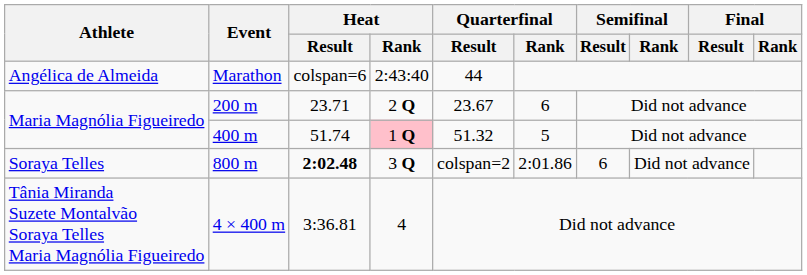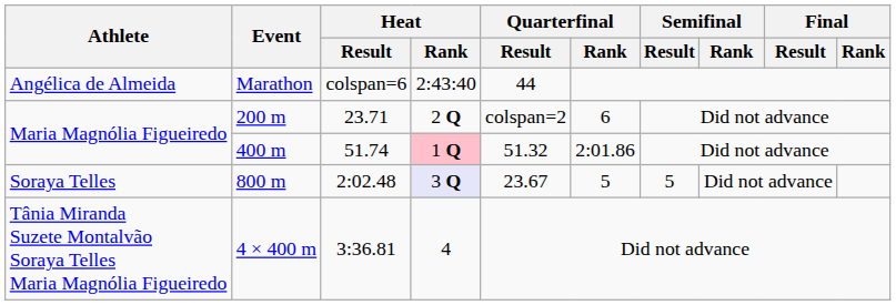 <table class="wikitable" style="font-size:90%">
 <tr>
 <th rowspan="2">Athlete</th>
 <th rowspan="2">Event</th>
 <th colspan="2">Heat</th>
 <th colspan="2">Quarterfinal</th>
 <th colspan="2">Semifinal</th>
 <th colspan="2">Final</th>
 </tr>
 <tr style="font-size:95%">
 <th>Result</th>
 <th>Rank</th>
 <th>Result</th>
 <th>Rank</th>
 <th>Result</th>
 <th>Rank</th>
 <th>Result</th>
 <th>Rank</th>
 </tr>
 <tr align=center>
 <td align=left rowspan="1"><a href='#'>Angélica de Almeida</a></td>
 <td align=left><a href='#'>Marathon</a></td>
 <td>colspan=6 </td>
 <td>2:43:40</td>
 <td>44</td>
 </tr>
 <tr align=center>
 <td align=left rowspan="2"><a href='#'>Maria Magnólia Figueiredo</a></td>
 <td align=left><a href='#'>200 m</a></td>
 <td>23.71</td>
 <td>2 <strong>Q</strong></td>
-<td>23.67</td>
+<td>colspan=2 </td>
 <td>6</td>
 <td colspan=6>Did not advance</td>
 </tr>
 <tr align=center>
 <td align=left><a href='#'>400 m</a></td>
 <td>51.74</td>
 <td style="background: pink;">1 <strong>Q</strong></td>
 <td>51.32</td>
-<td>5</td>
+<td>2:01.86</td>
 <td colspan=6>Did not advance</td>
 </tr>
 <tr align=center>
 <td align=left rowspan="1"><a href='#'>Soraya Telles</a></td>
 <td align=left><a href='#'>800 m</a></td>
-<td><strong>2:02.48</strong></td>
-<td>3 <strong>Q</strong></td>
-<td>colspan=2 </td>
-<td>2:01.86</td>
-<td>6</td>
+<td>2:02.48</td>
+<td style="background: lavender;">3 <strong>Q</strong></td>
+<td>23.67</td>
+<td>5</td>
+<td>5</td>
 <td colspan=2>Did not advance</td>
 </tr>
 <tr align=center>
 <td align=left rowspan="1"><a href='#'>Tânia Miranda</a><br><a href='#'>Suzete Montalvão</a><br><a href='#'>Soraya Telles</a><br><a href='#'>Maria Magnólia Figueiredo</a></td>
 <td align=left><a href='#'>4 × 400 m</a></td>
 <td>3:36.81</td>
 <td>4</td>
 <td colspan=8>Did not advance</td>
 </tr>
 </table>
